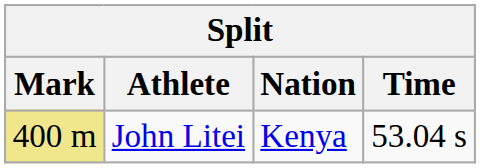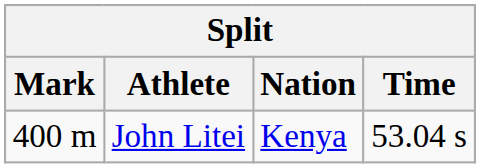 <table class="wikitable">
 <tr>
 <th colspan=4>Split</th>
 </tr>
 <tr>
 <th>Mark</th>
 <th>Athlete</th>
 <th>Nation</th>
 <th>Time</th>
 </tr>
 <tr>
-<td align="center" style="background: khaki;">400 m</td>
+<td align="center">400 m</td>
 <td align="left"><a href='#'>John Litei</a></td>
 <td align="left"> <a href='#'>Kenya</a></td>
 <td align="center">53.04 s</td>
 </tr>
 </table>
